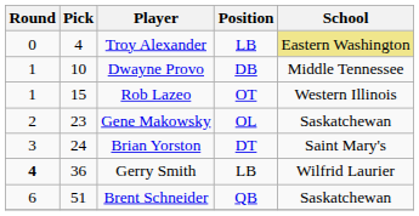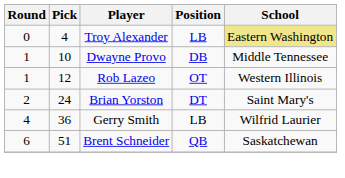 <table class="wikitable">
 <tr>
 <th scope="col">Round</th>
 <th scope="col">Pick</th>
 <th scope="col">Player</th>
 <th scope="col">Position</th>
 <th scope="col">School</th>
 </tr>
 <tr align="center">
 <td align=center>0</td>
 <td>4</td>
 <td><a href='#'>Troy Alexander</a></td>
 <td><a href='#'>LB</a></td>
 <td style="background: khaki;">Eastern Washington</td>
 </tr>
 <tr align="center">
 <td align=center>1</td>
 <td>10</td>
 <td><a href='#'>Dwayne Provo</a></td>
 <td><a href='#'>DB</a></td>
 <td>Middle Tennessee</td>
 </tr>
 <tr align="center">
 <td align=center>1</td>
-<td>15</td>
+<td>12</td>
 <td><a href='#'>Rob Lazeo</a></td>
 <td><a href='#'>OT</a></td>
 <td>Western Illinois</td>
 </tr>
 <tr align="center">
 <td align=center>2</td>
-<td>23</td>
-<td><a href='#'>Gene Makowsky</a></td>
-<td><a href='#'>OL</a></td>
-<td>Saskatchewan</td>
-</tr>
-<tr align="center">
-<td align=center>3</td>
 <td>24</td>
 <td><a href='#'>Brian Yorston</a></td>
 <td><a href='#'>DT</a></td>
 <td>Saint Mary's</td>
 </tr>
 <tr align="center">
-<td align=center><strong>4</strong></td>
+<td align=center>4</td>
 <td>36</td>
 <td>Gerry Smith</td>
 <td>LB</td>
 <td>Wilfrid Laurier</td>
 </tr>
 <tr align="center">
 <td align=center>6</td>
 <td>51</td>
 <td><a href='#'>Brent Schneider</a></td>
 <td><a href='#'>QB</a></td>
 <td>Saskatchewan</td>
 </tr>
 <tr>
 </tr>
 </table>
